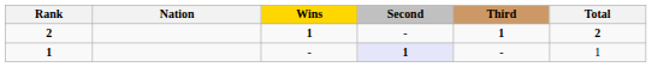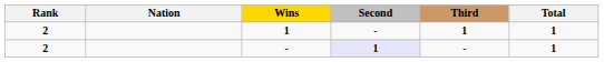 <table class="wikitable collapsible autocollapse plainrowheaders" width=68% style="text-align:center;">
 <tr style="background-color:#EDEDED;">
 <th width=100px class="hintergrundfarbe5">Rank</th>
 <th width=200px class="hintergrundfarbe6">Nation</th>
 <th style="background:    gold; width:15%">Wins</th>
 <th style="background:  silver; width:15%">Second</th>
 <th style="background: #CC9966; width:15%">Third</th>
 <th class="hintergrundfarbe6" style="width:15%">Total</th>
 </tr>
 <tr>
 <td><strong>2</strong></td>
 <td style="text-align:left"></td>
 <td><strong>1</strong></td>
 <td>-</td>
 <td><strong>1</strong></td>
-<td><strong>2</strong></td>
+<td><strong>1</strong></td>
 </tr>
 <tr>
-<td><strong>1</strong></td>
+<td><strong>2</strong></td>
 <td style="text-align:left"></td>
 <td>-</td>
 <td style="background: lavender;"><strong>1</strong></td>
 <td>-</td>
-<td>1</td>
+<td><strong>1</strong></td>
 </tr>
 </table>
